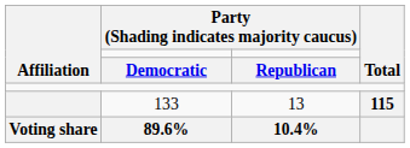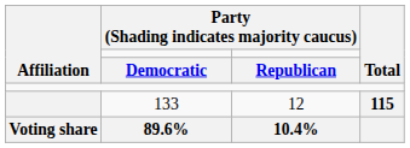 <table class=wikitable style="text-align:center">
 <tr style="vertical-align:bottom;">
 <th rowspan=3>Affiliation</th>
 <th colspan=2>Party <div>(Shading indicates majority caucus)</div></th>
 <th rowspan=3>Total</th>
 </tr>
 <tr style="height:5px">
 <td style="background-color:"></td>
 <td style="background-color:"></td>
 </tr>
 <tr>
 <th><a href='#'>Democratic</a></th>
 <th><a href='#'>Republican</a></th>
 </tr>
 <tr>
 <td colspan=5></td>
 </tr>
 <tr>
 <th nowrap style="font-size:80%"></th>
 <td>133</td>
-<td>13</td>
+<td>12</td>
 <th>115</th>
 </tr>
 <tr>
 <th>Voting share</th>
 <th>89.6%</th>
 <th>10.4%</th>
 <th colspan=2></th>
 </tr>
 </table>
